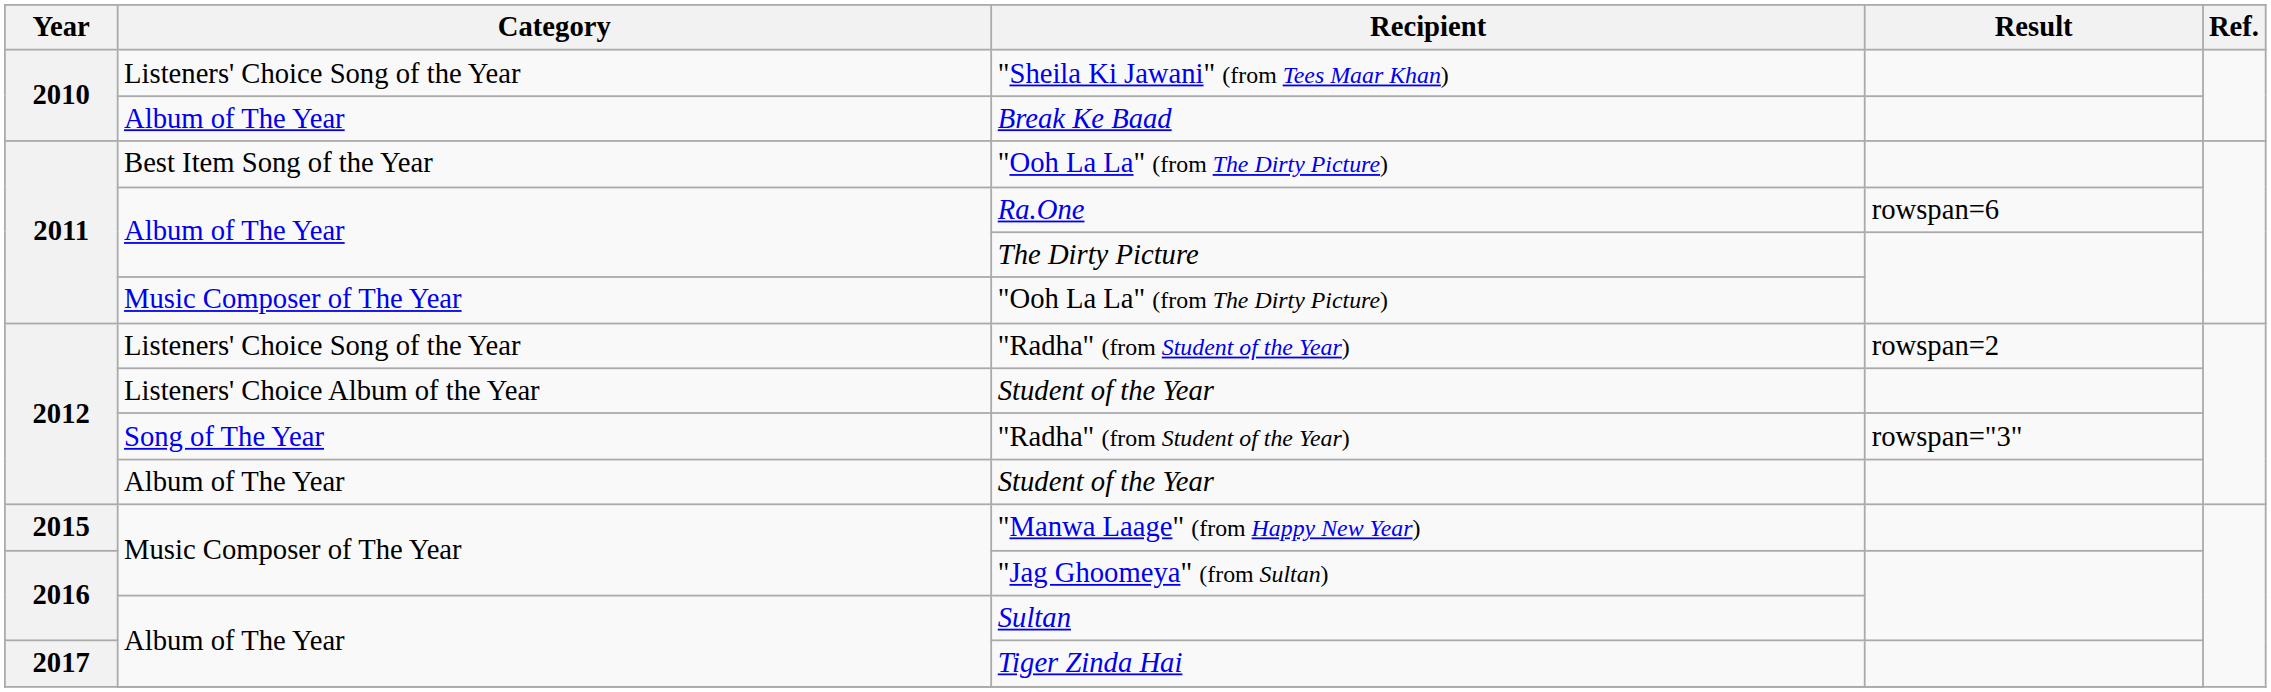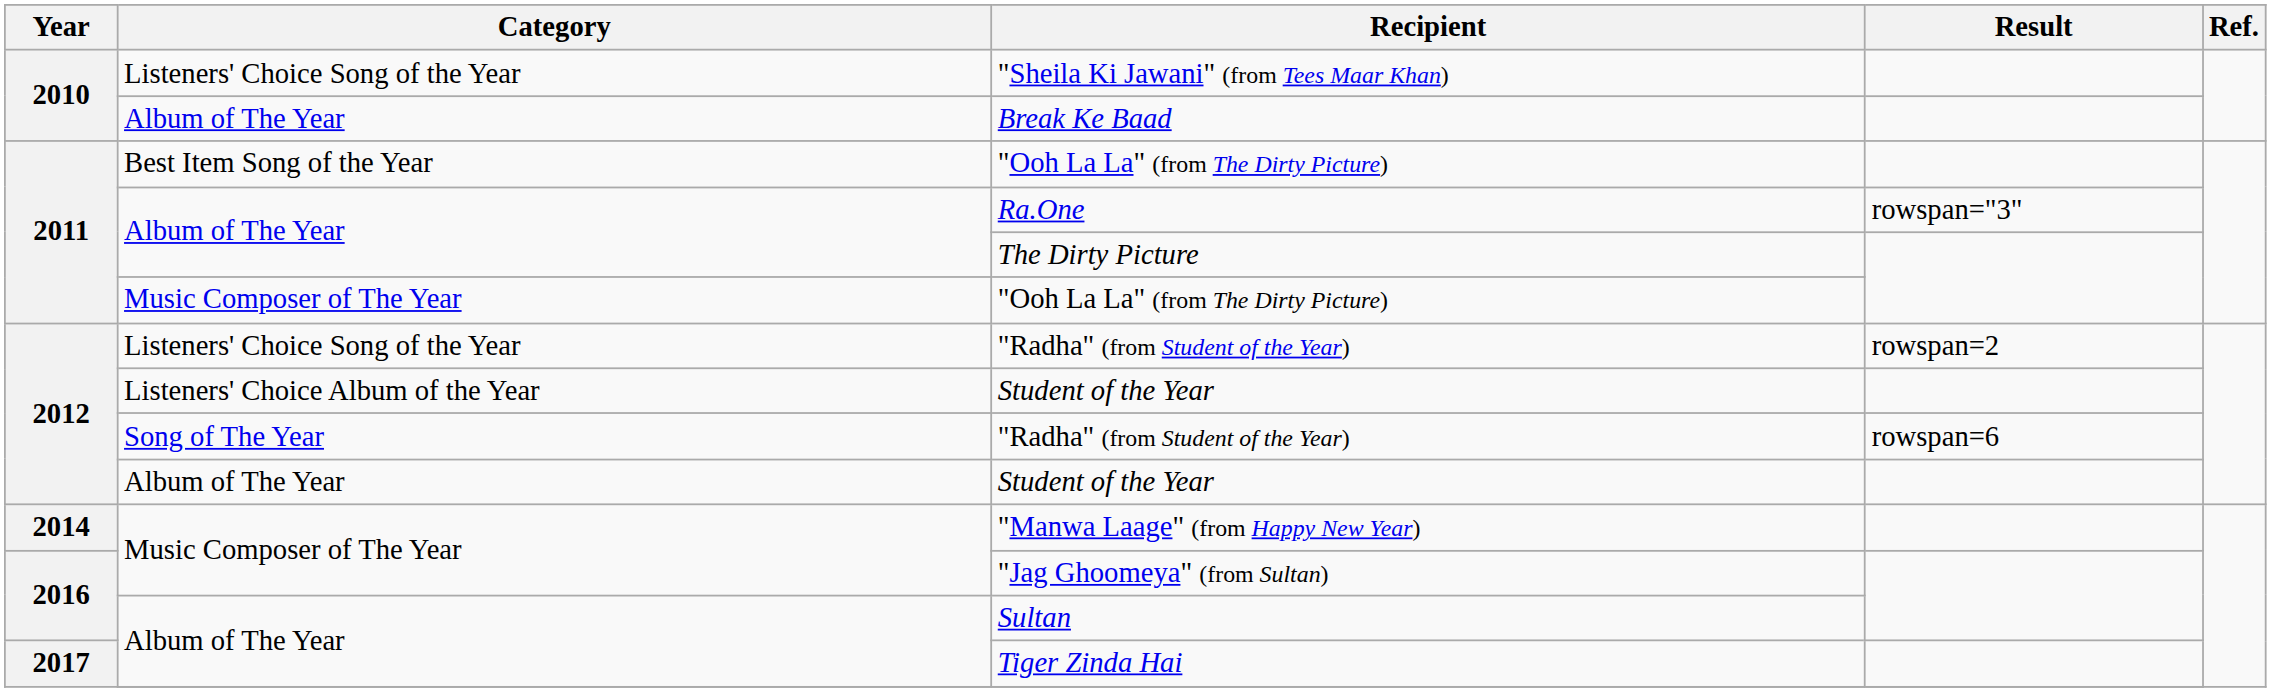 <table class="wikitable plainrowheaders" width="100%" "textcolor:#000;">
 <tr>
 <th scope="col" width=5%><strong>Year</strong></th>
 <th scope="col" width=39%><strong>Category</strong></th>
 <th scope="col" width=39%><strong>Recipient</strong></th>
 <th scope="col" width=15%><strong>Result</strong></th>
 <th scope="col" width=2%><strong>Ref.</strong></th>
 </tr>
 <tr>
 <th scope="row" rowspan="2">2010</th>
 <td>Listeners' Choice Song of the Year</td>
 <td>"<a href='#'>Sheila Ki Jawani</a>" <small>(from <a href='#'><em>Tees Maar Khan</em></a>)</small></td>
 <td></td>
 <td rowspan="2"></td>
 </tr>
 <tr>
 <td><a href='#'>Album of The Year</a></td>
 <td><em><a href='#'>Break Ke Baad</a></em></td>
 <td></td>
 </tr>
 <tr>
 <th scope="row" rowspan="4">2011</th>
 <td>Best Item Song of the Year</td>
 <td>"<a href='#'>Ooh La La</a>" <small>(from <em><a href='#'>The Dirty Picture</a></em>)</small></td>
 <td></td>
 <td rowspan="4"></td>
 </tr>
 <tr>
 <td rowspan="2"><a href='#'>Album of The Year</a></td>
 <td><em><a href='#'>Ra.One</a></em></td>
-<td>rowspan=6 </td>
+<td>rowspan="3" </td>
 </tr>
 <tr>
 <td><em>The Dirty Picture</em></td>
 </tr>
 <tr>
 <td><a href='#'>Music Composer of The Year</a></td>
 <td>"Ooh La La" <small>(from <em>The Dirty Picture</em>)</small></td>
 </tr>
 <tr>
 <th scope="row" rowspan="4">2012</th>
 <td>Listeners' Choice Song of the Year</td>
 <td>"Radha" <small>(from <em><a href='#'>Student of the Year</a></em>)</small></td>
 <td>rowspan=2 </td>
 <td rowspan=4></td>
 </tr>
 <tr>
 <td>Listeners' Choice Album of the Year</td>
 <td><em>Student of the Year</em></td>
 </tr>
 <tr>
 <td><a href='#'>Song of The Year</a></td>
 <td>"Radha" <small>(from <em>Student of the Year</em>)</small></td>
-<td>rowspan="3" </td>
+<td>rowspan=6 </td>
 </tr>
 <tr>
 <td>Album of The Year</td>
 <td><em>Student of the Year</em></td>
 </tr>
 <tr>
-<th scope="row">2015</th>
+<th scope="row">2014</th>
 <td rowspan="2">Music Composer of The Year</td>
 <td>"<a href='#'>Manwa Laage</a>" <small>(from <em><a href='#'>Happy New Year</a></em>)</small></td>
 <td></td>
 </tr>
 <tr>
 <th scope="row" rowspan=2>2016</th>
 <td>"<a href='#'>Jag Ghoomeya</a>" <small>(from <em>Sultan</em>)</small></td>
 <td rowspan=2></td>
 </tr>
 <tr>
 <td rowspan="2">Album of The Year</td>
 <td><em><a href='#'>Sultan</a></em></td>
 </tr>
 <tr>
 <th scope="row" rowspan=2>2017</th>
 <td><em><a href='#'>Tiger Zinda Hai</a></em></td>
 <td></td>
 </tr>
 <tr>
 </tr>
 </table>
